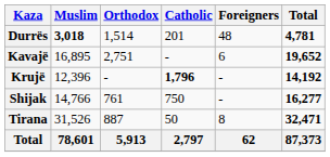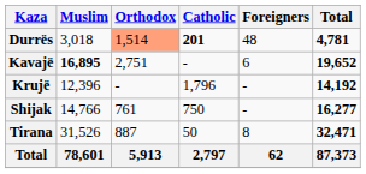 <table class=wikitable>
 <tr>
 <th><a href='#'>Kaza</a></th>
 <th><a href='#'>Muslim</a></th>
 <th><a href='#'>Orthodox</a></th>
 <th><a href='#'>Catholic</a></th>
 <th>Foreigners</th>
 <th>Total</th>
 </tr>
 <tr>
 <th>Durrës</th>
-<td><strong>3,018</strong></td>
-<td>1,514</td>
-<td>201</td>
+<td>3,018</td>
+<td style="background: lightsalmon;">1,514</td>
+<td><strong>201</strong></td>
 <td>48</td>
 <td><strong>4,781</strong></td>
 </tr>
 <tr>
 <th>Kavajë</th>
-<td>16,895</td>
+<td><strong>16,895</strong></td>
 <td>2,751</td>
 <td>-</td>
 <td>6</td>
 <td><strong>19,652</strong></td>
 </tr>
 <tr>
 <th>Krujë</th>
 <td>12,396</td>
 <td>-</td>
-<td><strong>1,796</strong></td>
+<td>1,796</td>
 <td>-</td>
 <td><strong>14,192</strong></td>
 </tr>
 <tr>
 <th>Shijak</th>
 <td>14,766</td>
 <td>761</td>
 <td>750</td>
 <td>-</td>
 <td><strong>16,277</strong></td>
 </tr>
 <tr>
 <th>Tirana</th>
 <td>31,526</td>
 <td>887</td>
 <td>50</td>
 <td>8</td>
 <td><strong>32,471</strong></td>
 </tr>
 <tr>
 <th>Total</th>
 <th>78,601</th>
 <th>5,913</th>
 <th>2,797</th>
 <th>62</th>
 <th><strong>87,373</strong></th>
 </tr>
 <tr>
 </tr>
 </table>
